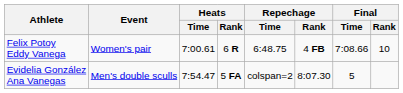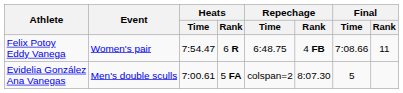 <table class="wikitable" style="font-size:90%">
 <tr>
 <th rowspan=2>Athlete</th>
 <th rowspan=2>Event</th>
 <th colspan="2">Heats</th>
 <th colspan="2">Repechage</th>
 <th colspan="2">Final</th>
 </tr>
 <tr style="font-size:95%">
 <th>Time</th>
 <th>Rank</th>
 <th>Time</th>
 <th>Rank</th>
 <th>Time</th>
 <th>Rank</th>
 </tr>
 <tr align=center>
 <td align=left><a href='#'>Felix Potoy</a><br><a href='#'>Eddy Vanega</a></td>
 <td align=left><a href='#'>Women's pair</a></td>
-<td>7:00.61</td>
+<td>7:54.47</td>
 <td>6 <strong>R</strong></td>
 <td>6:48.75</td>
 <td>4 <strong>FB</strong></td>
 <td>7:08.66</td>
-<td>10</td>
+<td>11</td>
 </tr>
 <tr align=center>
 <td align=left><a href='#'>Evidelia González</a><br><a href='#'>Ana Vanegas</a></td>
 <td align=left><a href='#'>Men's double sculls</a></td>
-<td>7:54.47</td>
+<td>7:00.61</td>
 <td>5 <strong>FA</strong></td>
 <td>colspan=2 </td>
 <td>8:07.30</td>
 <td>5</td>
 </tr>
 </table>
